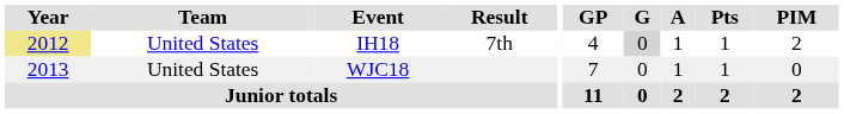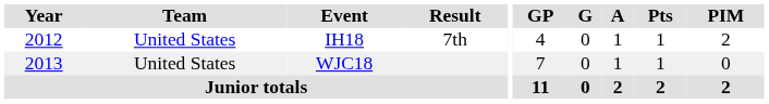 <table border="0" cellpadding="1" cellspacing="0" ID="Table3" style="text-align:center; width:40em">
 <tr ALIGN="center" bgcolor="#e0e0e0">
 <th>Year</th>
 <th>Team</th>
 <th>Event</th>
 <th>Result</th>
 <th rowspan="99" bgcolor="#ffffff"></th>
 <th>GP</th>
 <th>G</th>
 <th>A</th>
 <th>Pts</th>
 <th>PIM</th>
 </tr>
 <tr>
-<td style="background: khaki;"><a href='#'>2012</a></td>
+<td><a href='#'>2012</a></td>
 <td><a href='#'>United States</a></td>
 <td><a href='#'>IH18</a></td>
 <td>7th</td>
 <td>4</td>
-<td style="background: lightgrey;">0</td>
+<td>0</td>
 <td>1</td>
 <td>1</td>
 <td>2</td>
 </tr>
 <tr bgcolor="#f0f0f0">
 <td><a href='#'>2013</a></td>
 <td>United States</td>
 <td><a href='#'>WJC18</a></td>
 <td></td>
 <td>7</td>
 <td>0</td>
 <td>1</td>
 <td>1</td>
 <td>0</td>
 </tr>
 <tr bgcolor="#e0e0e0">
 <th colspan="4">Junior totals</th>
 <th>11</th>
 <th>0</th>
 <th>2</th>
 <th>2</th>
 <th>2</th>
 </tr>
 </table>
